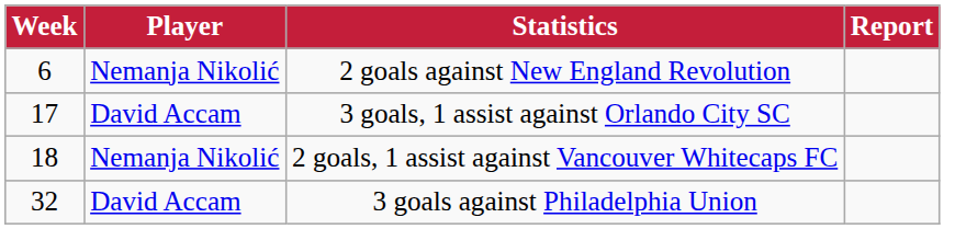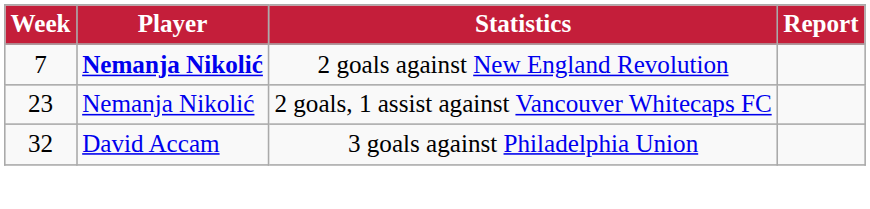 <table class=wikitable>
 <tr>
 <th style="background:#C41E3A; color:white; text-align:center;">Week</th>
 <th style="background:#C41E3A; color:white; text-align:center;">Player</th>
 <th style="background:#C41E3A; color:white; text-align:center;">Statistics</th>
 <th style="background:#C41E3A; color:white; text-align:center;">Report</th>
 </tr>
 <tr>
-<td style="text-align:center;">6</td>
-<td> <a href='#'>Nemanja Nikolić</a></td>
+<td style="text-align:center;">7</td>
+<td><strong> <a href='#'>Nemanja Nikolić</a></strong></td>
 <td style="text-align:center;">2 goals against <a href='#'>New England Revolution</a></td>
 <td style="text-align:center;"></td>
 </tr>
 <tr>
-<td style="text-align:center;">17</td>
-<td> <a href='#'>David Accam</a></td>
-<td style="text-align:center;">3 goals, 1 assist against <a href='#'>Orlando City SC</a></td>
-<td style="text-align:center;"></td>
-</tr>
-<tr>
-<td style="text-align:center;">18</td>
+<td style="text-align:center;">23</td>
 <td> <a href='#'>Nemanja Nikolić</a></td>
 <td style="text-align:center;">2 goals, 1 assist against <a href='#'>Vancouver Whitecaps FC</a></td>
 <td style="text-align:center;"></td>
 </tr>
 <tr>
 <td style="text-align:center;">32</td>
 <td> <a href='#'>David Accam</a></td>
 <td style="text-align:center;">3 goals against <a href='#'>Philadelphia Union</a></td>
 <td style="text-align:center;"></td>
 </tr>
 </table>
